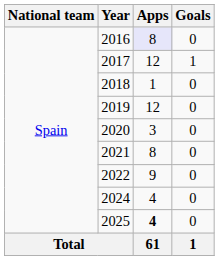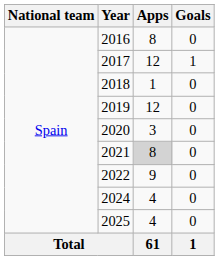 <table class="wikitable" style="text-align:center">
 <tr>
 <th>National team</th>
 <th>Year</th>
 <th>Apps</th>
 <th>Goals</th>
 </tr>
 <tr>
 <td rowspan="9"><a href='#'>Spain</a></td>
 <td>2016</td>
-<td style="background: lavender;">8</td>
+<td>8</td>
 <td>0</td>
 </tr>
 <tr>
 <td>2017</td>
 <td>12</td>
 <td>1</td>
 </tr>
 <tr>
 <td>2018</td>
 <td>1</td>
 <td>0</td>
 </tr>
 <tr>
 <td>2019</td>
 <td>12</td>
 <td>0</td>
 </tr>
 <tr>
 <td>2020</td>
 <td>3</td>
 <td>0</td>
 </tr>
 <tr>
 <td>2021</td>
-<td>8</td>
+<td style="background: lightgrey;">8</td>
 <td>0</td>
 </tr>
 <tr>
 <td>2022</td>
 <td>9</td>
 <td>0</td>
 </tr>
 <tr>
 <td>2024</td>
 <td>4</td>
 <td>0</td>
 </tr>
 <tr>
 <td>2025</td>
-<td><strong>4</strong></td>
+<td>4</td>
 <td>0</td>
 </tr>
 <tr>
 <th colspan="2">Total</th>
 <th>61</th>
 <th>1</th>
 </tr>
 </table>
